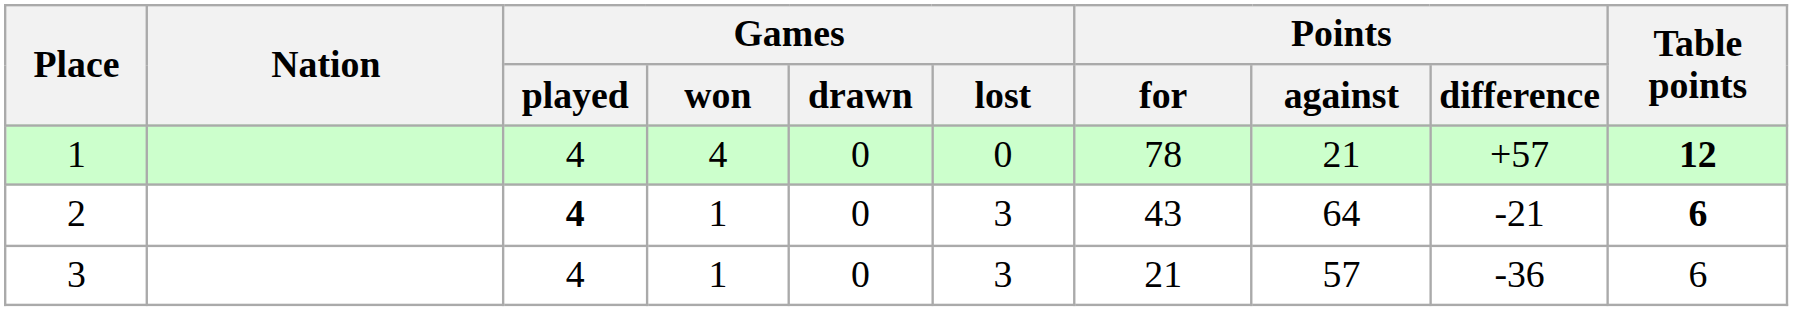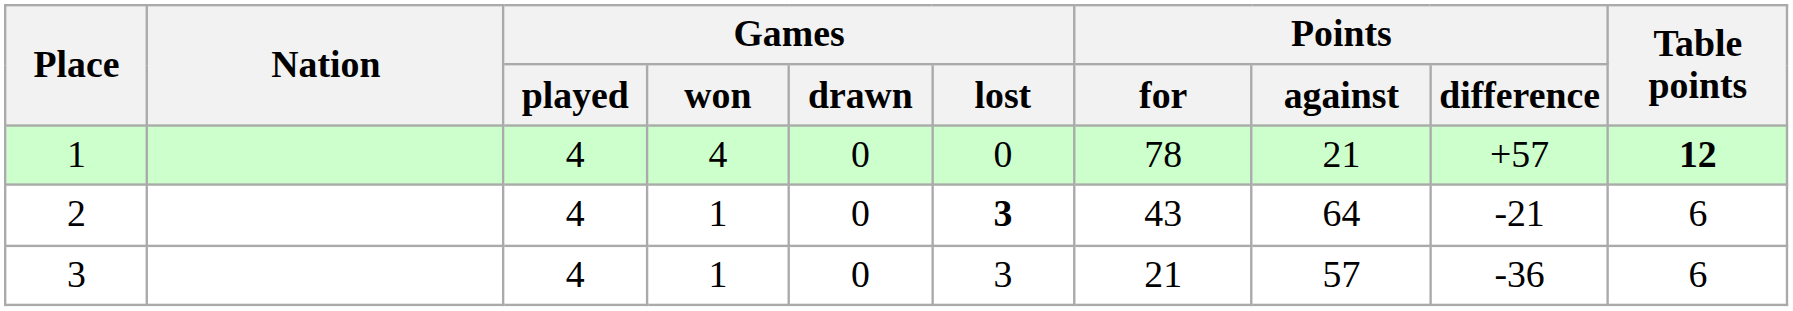 <table class="wikitable">
 <tr>
 <th rowspan="2" style="width:8%;">Place</th>
 <th rowspan="2" style="width:20%;">Nation</th>
 <th colspan="4" style="width:32%;">Games</th>
 <th colspan="3" style="width:30%;">Points</th>
 <th rowspan="2" style="width:10%;">Table<br>points</th>
 </tr>
 <tr>
 <th style="width:8%;">played</th>
 <th style="width:8%;">won</th>
 <th style="width:8%;">drawn</th>
 <th style="width:8%;">lost</th>
 <th style="width:10%;">for</th>
 <th style="width:10%;">against</th>
 <th style="width:10%;">difference</th>
 </tr>
 <tr style="background:#cfc; text-align:center;">
 <td>1</td>
 <td align=left><strong></strong></td>
 <td>4</td>
 <td>4</td>
 <td>0</td>
 <td>0</td>
 <td>78</td>
 <td>21</td>
 <td>+57</td>
 <td><strong>12</strong></td>
 </tr>
 <tr style="background:#fff; text-align:center;">
 <td>2</td>
 <td align=left></td>
-<td><strong>4</strong></td>
+<td>4</td>
 <td>1</td>
 <td>0</td>
-<td>3</td>
+<td><strong>3</strong></td>
 <td>43</td>
 <td>64</td>
 <td>-21</td>
-<td><strong>6</strong></td>
+<td>6</td>
 </tr>
 <tr style="background:#fff; text-align:center;">
 <td>3</td>
 <td align=left></td>
 <td>4</td>
 <td>1</td>
 <td>0</td>
 <td>3</td>
 <td>21</td>
 <td>57</td>
 <td>-36</td>
 <td>6</td>
 </tr>
 </table>
